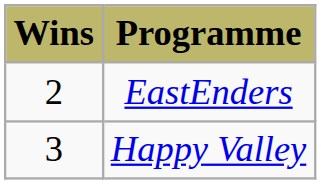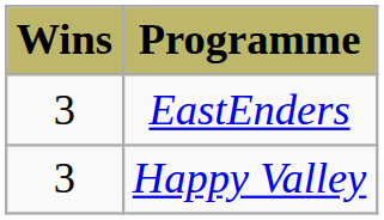 <table class="wikitable" style="text-align:center;">
 <tr>
 <th style="background:#BDB76B;">Wins</th>
 <th style="background:#BDB76B;">Programme</th>
 </tr>
 <tr>
-<td>2</td>
+<td>3</td>
 <td><em><a href='#'>EastEnders</a></em></td>
 </tr>
 <tr>
 <td>3</td>
 <td><em><a href='#'>Happy Valley</a></em></td>
 </tr>
 </table>
